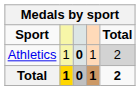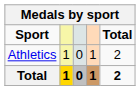 <table class="wikitable" style="font-size:85%; float:right">
 <tr style="background:#efefef;">
 <th colspan=7><strong>Medals by sport</strong></th>
 </tr>
 <tr align=center>
 <td><strong>Sport</strong></td>
 <td style="background:#f7f6a8;"></td>
 <td style="background:#dce5e5;"></td>
 <td style="background:#ffdab9;"></td>
 <td><strong>Total</strong></td>
 </tr>
 <tr align=center>
 <td><a href='#'>Athletics</a></td>
 <td style="background:#f7f6a8;">1</td>
-<td style="background:#dce5e5;"><strong>0</strong></td>
+<td style="background:#dce5e5;">0</td>
 <td style="background:#ffdab9;">1</td>
-<td style="background: lightgrey;">2</td>
+<td>2</td>
 </tr>
 <tr align=center>
 <th><strong>Total</strong></th>
 <td style="background:gold;"><strong>1</strong></td>
 <td style="background:silver;"><strong>0</strong></td>
 <td style="background:#c96;"><strong>1</strong></td>
 <td><strong>2</strong></td>
 </tr>
 </table>
